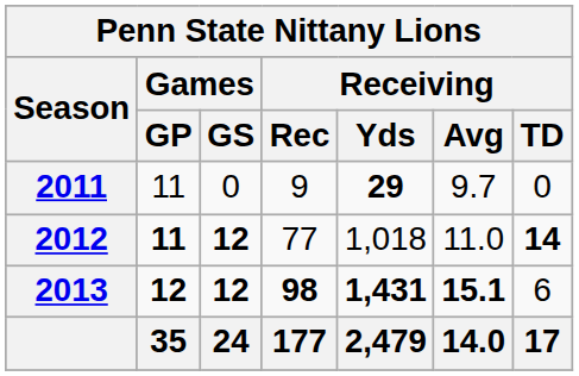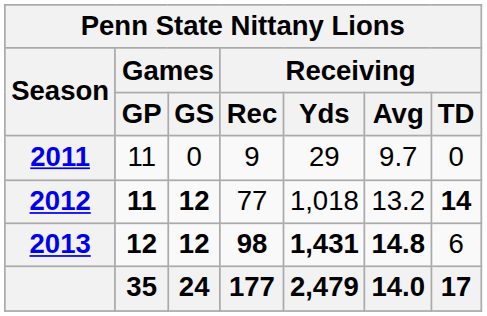 <table class="wikitable" style="text-align:center;">
 <tr>
 <th colspan="7">Penn State Nittany Lions</th>
 </tr>
 <tr>
 <th rowspan="2">Season</th>
 <th colspan="2">Games</th>
 <th colspan="4">Receiving</th>
 </tr>
 <tr>
 <th>GP</th>
 <th>GS</th>
 <th>Rec</th>
 <th>Yds</th>
 <th>Avg</th>
 <th>TD</th>
 </tr>
 <tr>
 <th><a href='#'>2011</a></th>
 <td>11</td>
 <td>0</td>
 <td>9</td>
-<td><strong>29</strong></td>
+<td>29</td>
 <td>9.7</td>
 <td>0</td>
 </tr>
 <tr>
 <th><a href='#'>2012</a></th>
 <td><strong>11</strong></td>
 <td><strong>12</strong></td>
 <td>77</td>
 <td>1,018</td>
-<td>11.0</td>
+<td>13.2</td>
 <td><strong>14</strong></td>
 </tr>
 <tr>
 <th><a href='#'>2013</a></th>
 <td><strong>12</strong></td>
 <td><strong>12</strong></td>
 <td><strong>98</strong></td>
 <td><strong>1,431</strong></td>
-<td><strong>15.1</strong></td>
+<td><strong>14.8</strong></td>
 <td>6</td>
 </tr>
 <tr>
 <th></th>
 <th>35</th>
 <th>24</th>
 <th>177</th>
 <th>2,479</th>
 <th>14.0</th>
 <th>17</th>
 </tr>
 </table>
